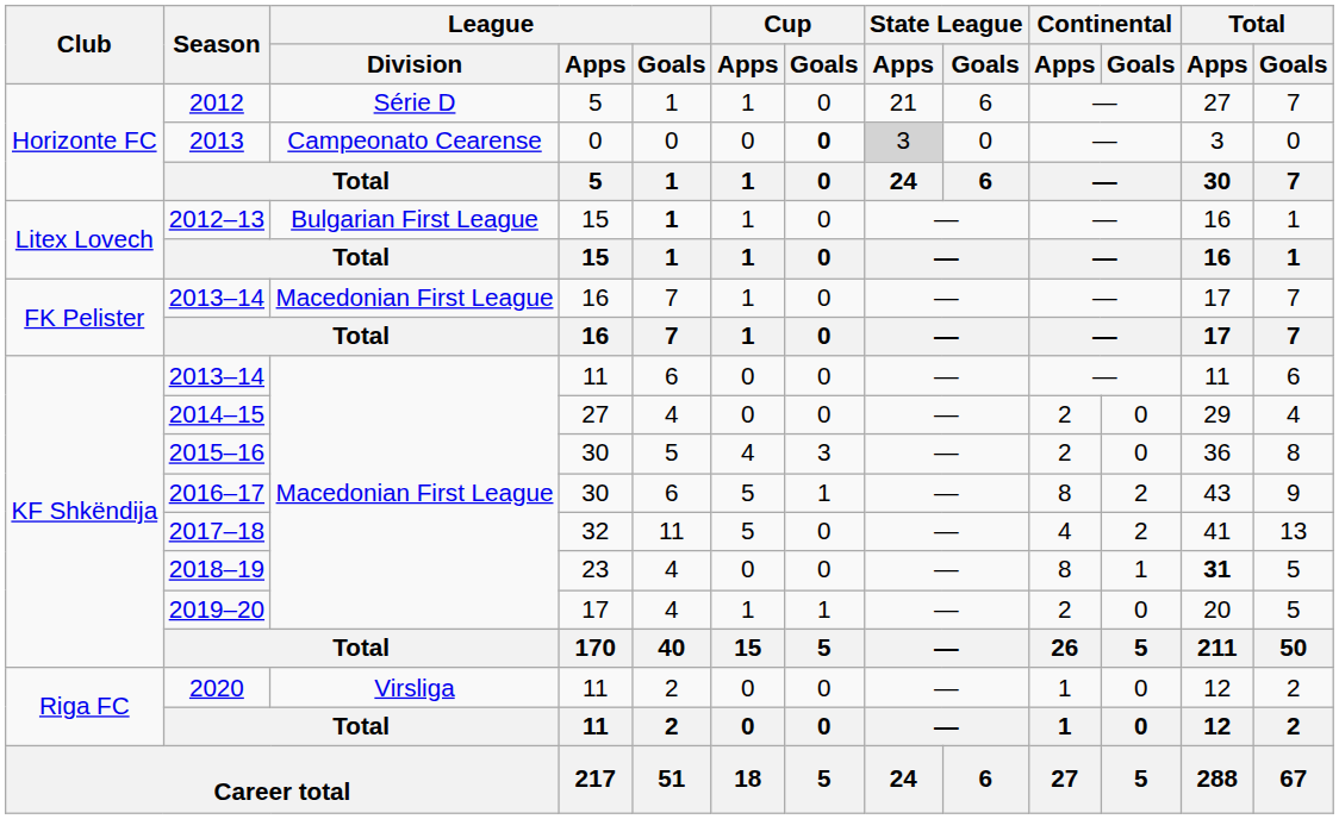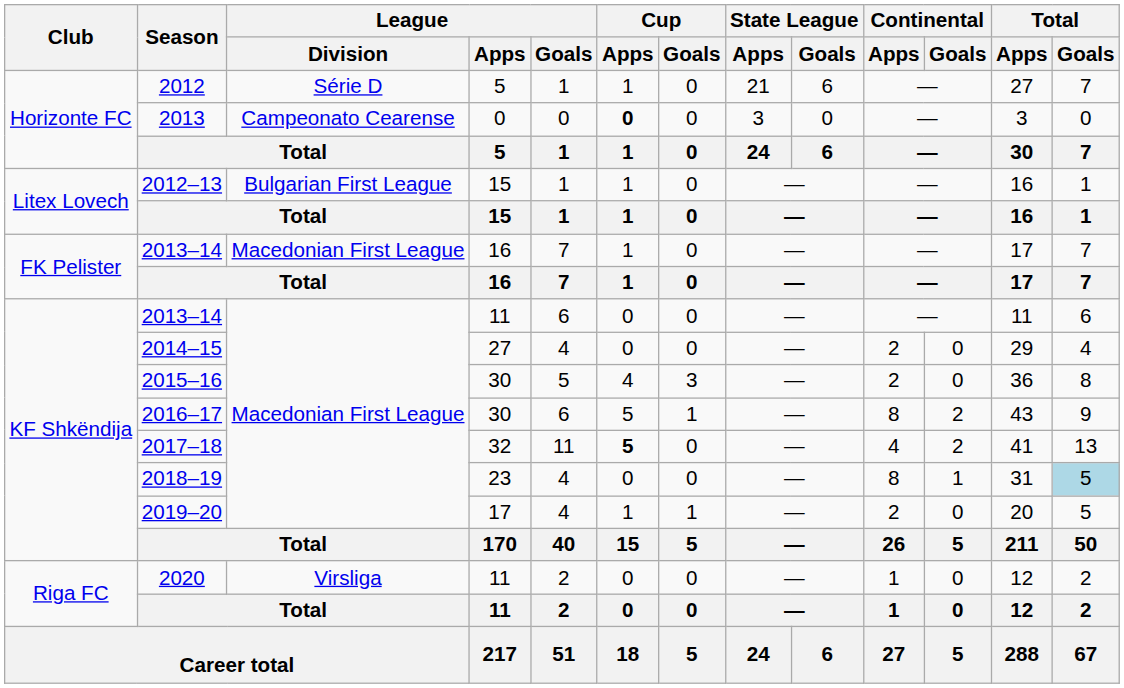 <table class="wikitable" style="text-align: center;">
 <tr>
 <th rowspan="2">Club</th>
 <th rowspan="2">Season</th>
 <th colspan="3">League</th>
 <th colspan="2">Cup</th>
 <th colspan="2">State League</th>
 <th colspan="2">Continental</th>
 <th colspan="2">Total</th>
 </tr>
 <tr>
 <th>Division</th>
 <th>Apps</th>
 <th>Goals</th>
 <th>Apps</th>
 <th>Goals</th>
 <th>Apps</th>
 <th>Goals</th>
 <th>Apps</th>
 <th>Goals</th>
 <th>Apps</th>
 <th>Goals</th>
 </tr>
 <tr>
 <td rowspan="3" valign="center"><a href='#'>Horizonte FC</a></td>
 <td><a href='#'>2012</a></td>
 <td><a href='#'>Série D</a></td>
 <td>5</td>
 <td>1</td>
 <td>1</td>
 <td>0</td>
 <td>21</td>
 <td>6</td>
 <td colspan=2>—</td>
 <td>27</td>
 <td>7</td>
 </tr>
 <tr>
 <td><a href='#'>2013</a></td>
 <td><a href='#'>Campeonato Cearense</a></td>
 <td>0</td>
 <td>0</td>
+<td><strong>0</strong></td>
 <td>0</td>
-<td><strong>0</strong></td>
-<td style="background: lightgrey;">3</td>
+<td>3</td>
 <td>0</td>
 <td colspan=2>—</td>
 <td>3</td>
 <td>0</td>
 </tr>
 <tr>
 <th colspan=2>Total</th>
 <th>5</th>
 <th>1</th>
 <th>1</th>
 <th>0</th>
 <th>24</th>
 <th>6</th>
 <th colspan=2>—</th>
 <th>30</th>
 <th>7</th>
 </tr>
 <tr>
 <td rowspan="2" valign="center"><a href='#'>Litex Lovech</a></td>
 <td><a href='#'>2012–13</a></td>
 <td><a href='#'>Bulgarian First League</a></td>
 <td>15</td>
-<td><strong>1</strong></td>
+<td>1</td>
 <td>1</td>
 <td>0</td>
 <td colspan=2>—</td>
 <td colspan=2>—</td>
 <td>16</td>
 <td>1</td>
 </tr>
 <tr>
 <th colspan=2>Total</th>
 <th>15</th>
 <th>1</th>
 <th>1</th>
 <th>0</th>
 <th colspan=2>—</th>
 <th colspan=2>—</th>
 <th>16</th>
 <th>1</th>
 </tr>
 <tr>
 <td rowspan="2" valign="center"><a href='#'>FK Pelister</a></td>
 <td><a href='#'>2013–14</a></td>
 <td><a href='#'>Macedonian First League</a></td>
 <td>16</td>
 <td>7</td>
 <td>1</td>
 <td>0</td>
 <td colspan=2>—</td>
 <td colspan=2>—</td>
 <td>17</td>
 <td>7</td>
 </tr>
 <tr>
 <th colspan=2>Total</th>
 <th>16</th>
 <th>7</th>
 <th>1</th>
 <th>0</th>
 <th colspan=2>—</th>
 <th colspan=2>—</th>
 <th>17</th>
 <th>7</th>
 </tr>
 <tr>
 <td rowspan="8" valign="center"><a href='#'>KF Shkëndija</a></td>
 <td><a href='#'>2013–14</a></td>
 <td rowspan=7><a href='#'>Macedonian First League</a></td>
 <td>11</td>
 <td>6</td>
 <td>0</td>
 <td>0</td>
 <td colspan=2>—</td>
 <td colspan=2>—</td>
 <td>11</td>
 <td>6</td>
 </tr>
 <tr>
 <td><a href='#'>2014–15</a></td>
 <td>27</td>
 <td>4</td>
 <td>0</td>
 <td>0</td>
 <td colspan=2>—</td>
 <td>2</td>
 <td>0</td>
 <td>29</td>
 <td>4</td>
 </tr>
 <tr>
 <td><a href='#'>2015–16</a></td>
 <td>30</td>
 <td>5</td>
 <td>4</td>
 <td>3</td>
 <td colspan=2>—</td>
 <td>2</td>
 <td>0</td>
 <td>36</td>
 <td>8</td>
 </tr>
 <tr>
 <td><a href='#'>2016–17</a></td>
 <td>30</td>
 <td>6</td>
 <td>5</td>
 <td>1</td>
 <td colspan=2>—</td>
 <td>8</td>
 <td>2</td>
 <td>43</td>
 <td>9</td>
 </tr>
 <tr>
 <td><a href='#'>2017–18</a></td>
 <td>32</td>
 <td>11</td>
-<td>5</td>
+<td><strong>5</strong></td>
 <td>0</td>
 <td colspan=2>—</td>
 <td>4</td>
 <td>2</td>
 <td>41</td>
 <td>13</td>
 </tr>
 <tr>
 <td><a href='#'>2018–19</a></td>
 <td>23</td>
 <td>4</td>
 <td>0</td>
 <td>0</td>
 <td colspan=2>—</td>
 <td>8</td>
 <td>1</td>
-<td><strong>31</strong></td>
-<td>5</td>
+<td>31</td>
+<td style="background: lightblue;">5</td>
 </tr>
 <tr>
 <td><a href='#'>2019–20</a></td>
 <td>17</td>
 <td>4</td>
 <td>1</td>
 <td>1</td>
 <td colspan=2>—</td>
 <td>2</td>
 <td>0</td>
 <td>20</td>
 <td>5</td>
 </tr>
 <tr>
 <th colspan=2>Total</th>
 <th>170</th>
 <th>40</th>
 <th>15</th>
 <th>5</th>
 <th colspan=2>—</th>
 <th>26</th>
 <th>5</th>
 <th>211</th>
 <th>50</th>
 </tr>
 <tr>
 <td rowspan="2" valign="center"><a href='#'>Riga FC</a></td>
 <td><a href='#'>2020</a></td>
 <td><a href='#'>Virsliga</a></td>
 <td>11</td>
 <td>2</td>
 <td>0</td>
 <td>0</td>
 <td colspan=2>—</td>
 <td>1</td>
 <td>0</td>
 <td>12</td>
 <td>2</td>
 </tr>
 <tr>
 <th colspan=2>Total</th>
 <th>11</th>
 <th>2</th>
 <th>0</th>
 <th>0</th>
 <th colspan=2>—</th>
 <th>1</th>
 <th>0</th>
 <th>12</th>
 <th>2</th>
 </tr>
 <tr>
 <th colspan="3"><br><strong>Career total</strong></th>
 <th>217</th>
 <th>51</th>
 <th>18</th>
 <th>5</th>
 <th>24</th>
 <th>6</th>
 <th>27</th>
 <th>5</th>
 <th>288</th>
 <th>67</th>
 </tr>
 </table>
